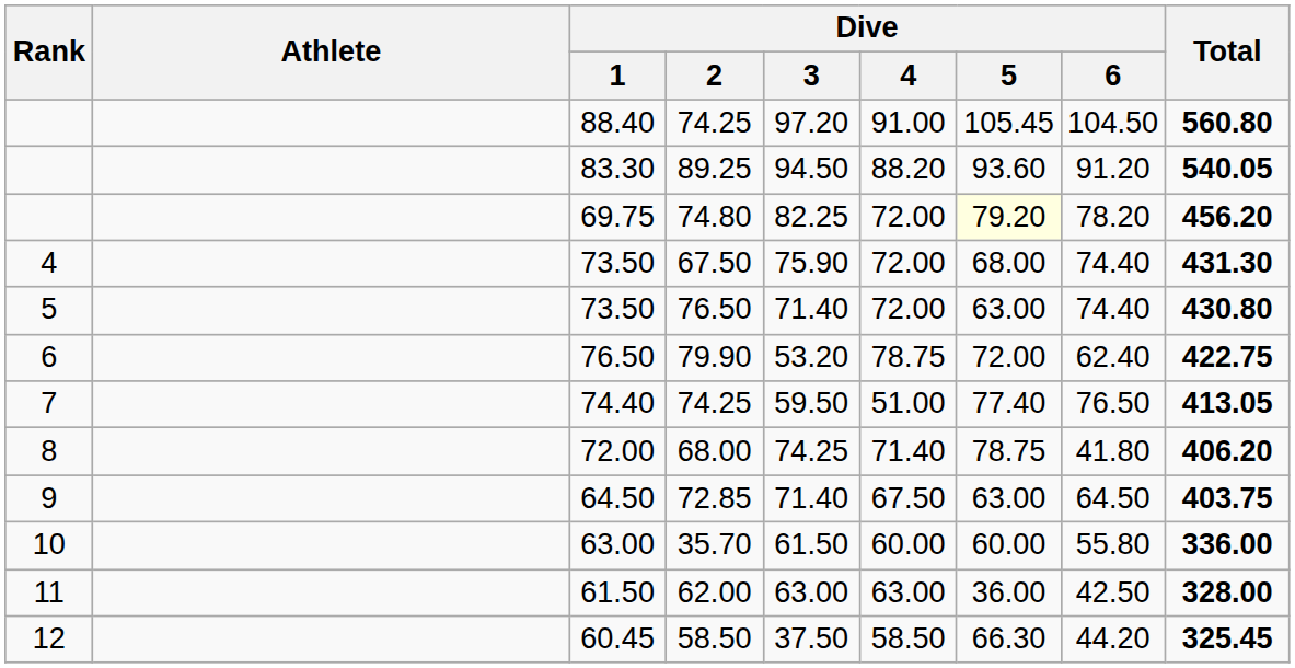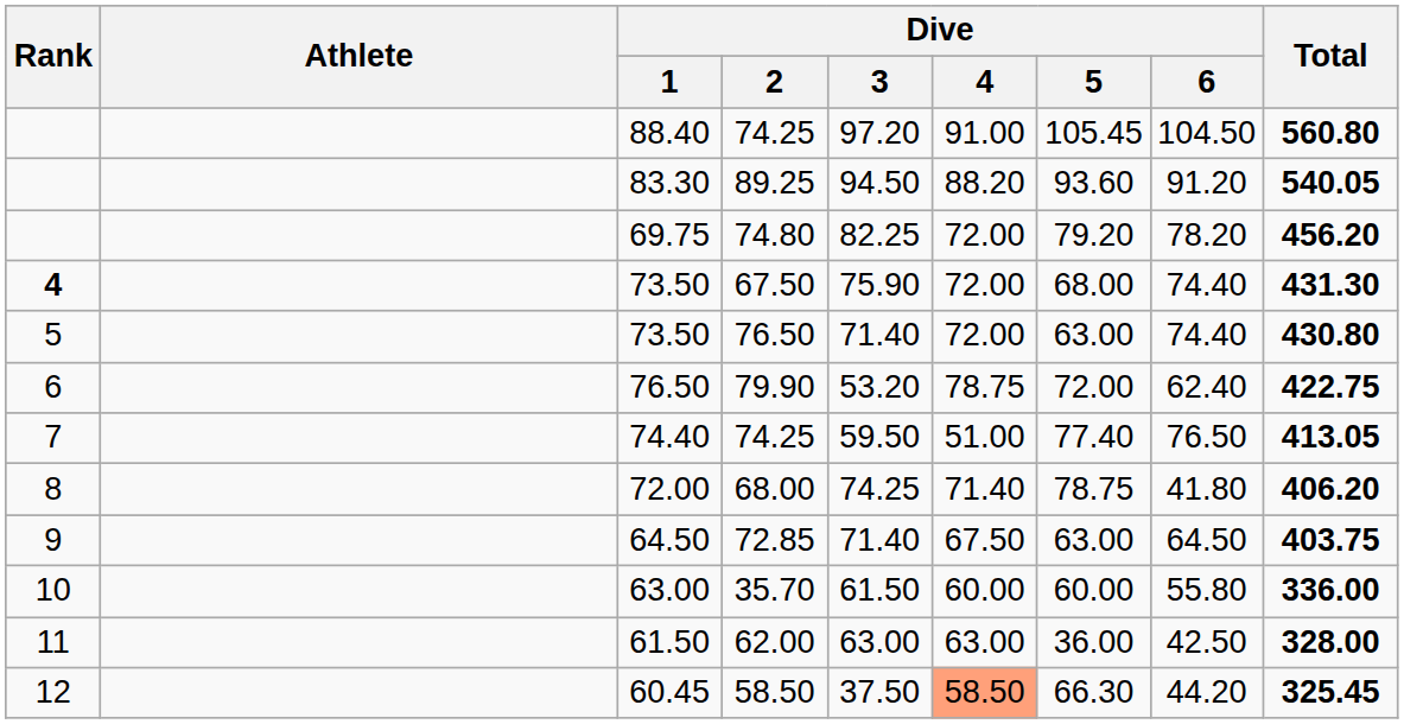 <table class=wikitable style="text-align:center">
 <tr>
 <th rowspan="2" width=40>Rank</th>
 <th rowspan="2" width=250>Athlete</th>
 <th colspan="6">Dive</th>
 <th rowspan="2" width=60>Total</th>
 </tr>
 <tr>
 <th width=45>1</th>
 <th width=45>2</th>
 <th width=45>3</th>
 <th width=45>4</th>
 <th width=45>5</th>
 <th width=45>6</th>
 </tr>
 <tr>
 <td></td>
 <td align=left></td>
 <td>88.40</td>
 <td>74.25</td>
 <td>97.20</td>
 <td>91.00</td>
 <td>105.45</td>
 <td>104.50</td>
 <td><strong>560.80</strong></td>
 </tr>
 <tr>
 <td></td>
 <td align=left></td>
 <td>83.30</td>
 <td>89.25</td>
 <td>94.50</td>
 <td>88.20</td>
 <td>93.60</td>
 <td>91.20</td>
 <td><strong>540.05</strong></td>
 </tr>
 <tr>
 <td></td>
 <td align=left></td>
 <td>69.75</td>
 <td>74.80</td>
 <td>82.25</td>
 <td>72.00</td>
-<td style="background: lightyellow;">79.20</td>
+<td>79.20</td>
 <td>78.20</td>
 <td><strong>456.20</strong></td>
 </tr>
 <tr>
-<td>4</td>
+<td><strong>4</strong></td>
 <td align=left></td>
 <td>73.50</td>
 <td>67.50</td>
 <td>75.90</td>
 <td>72.00</td>
 <td>68.00</td>
 <td>74.40</td>
 <td><strong>431.30</strong></td>
 </tr>
 <tr>
 <td>5</td>
 <td align=left></td>
 <td>73.50</td>
 <td>76.50</td>
 <td>71.40</td>
 <td>72.00</td>
 <td>63.00</td>
 <td>74.40</td>
 <td><strong>430.80</strong></td>
 </tr>
 <tr>
 <td>6</td>
 <td align=left></td>
 <td>76.50</td>
 <td>79.90</td>
 <td>53.20</td>
 <td>78.75</td>
 <td>72.00</td>
 <td>62.40</td>
 <td><strong>422.75</strong></td>
 </tr>
 <tr>
 <td>7</td>
 <td align=left></td>
 <td>74.40</td>
 <td>74.25</td>
 <td>59.50</td>
 <td>51.00</td>
 <td>77.40</td>
 <td>76.50</td>
 <td><strong>413.05</strong></td>
 </tr>
 <tr>
 <td>8</td>
 <td align=left></td>
 <td>72.00</td>
 <td>68.00</td>
 <td>74.25</td>
 <td>71.40</td>
 <td>78.75</td>
 <td>41.80</td>
 <td><strong>406.20</strong></td>
 </tr>
 <tr>
 <td>9</td>
 <td align=left></td>
 <td>64.50</td>
 <td>72.85</td>
 <td>71.40</td>
 <td>67.50</td>
 <td>63.00</td>
 <td>64.50</td>
 <td><strong>403.75</strong></td>
 </tr>
 <tr>
 <td>10</td>
 <td align=left></td>
 <td>63.00</td>
 <td>35.70</td>
 <td>61.50</td>
 <td>60.00</td>
 <td>60.00</td>
 <td>55.80</td>
 <td><strong>336.00</strong></td>
 </tr>
 <tr>
 <td>11</td>
 <td align=left></td>
 <td>61.50</td>
 <td>62.00</td>
 <td>63.00</td>
 <td>63.00</td>
 <td>36.00</td>
 <td>42.50</td>
 <td><strong>328.00</strong></td>
 </tr>
 <tr>
 <td>12</td>
 <td align=left></td>
 <td>60.45</td>
 <td>58.50</td>
 <td>37.50</td>
-<td>58.50</td>
+<td style="background: lightsalmon;">58.50</td>
 <td>66.30</td>
 <td>44.20</td>
 <td><strong>325.45</strong></td>
 </tr>
 </table>
